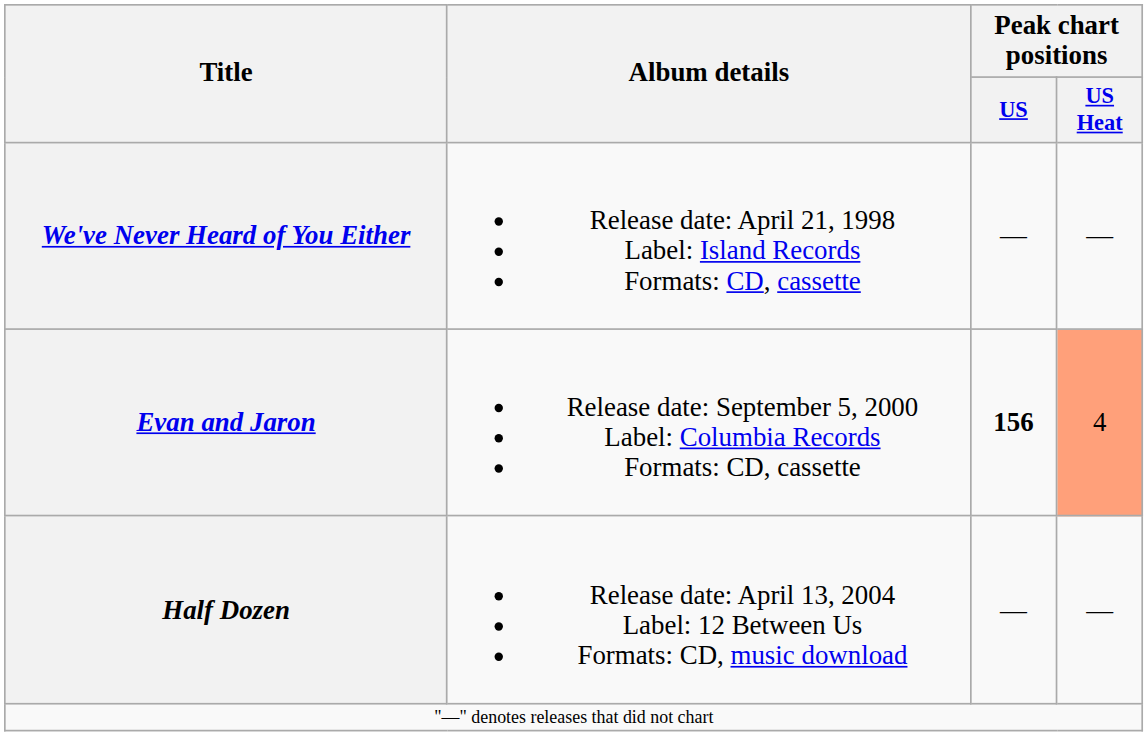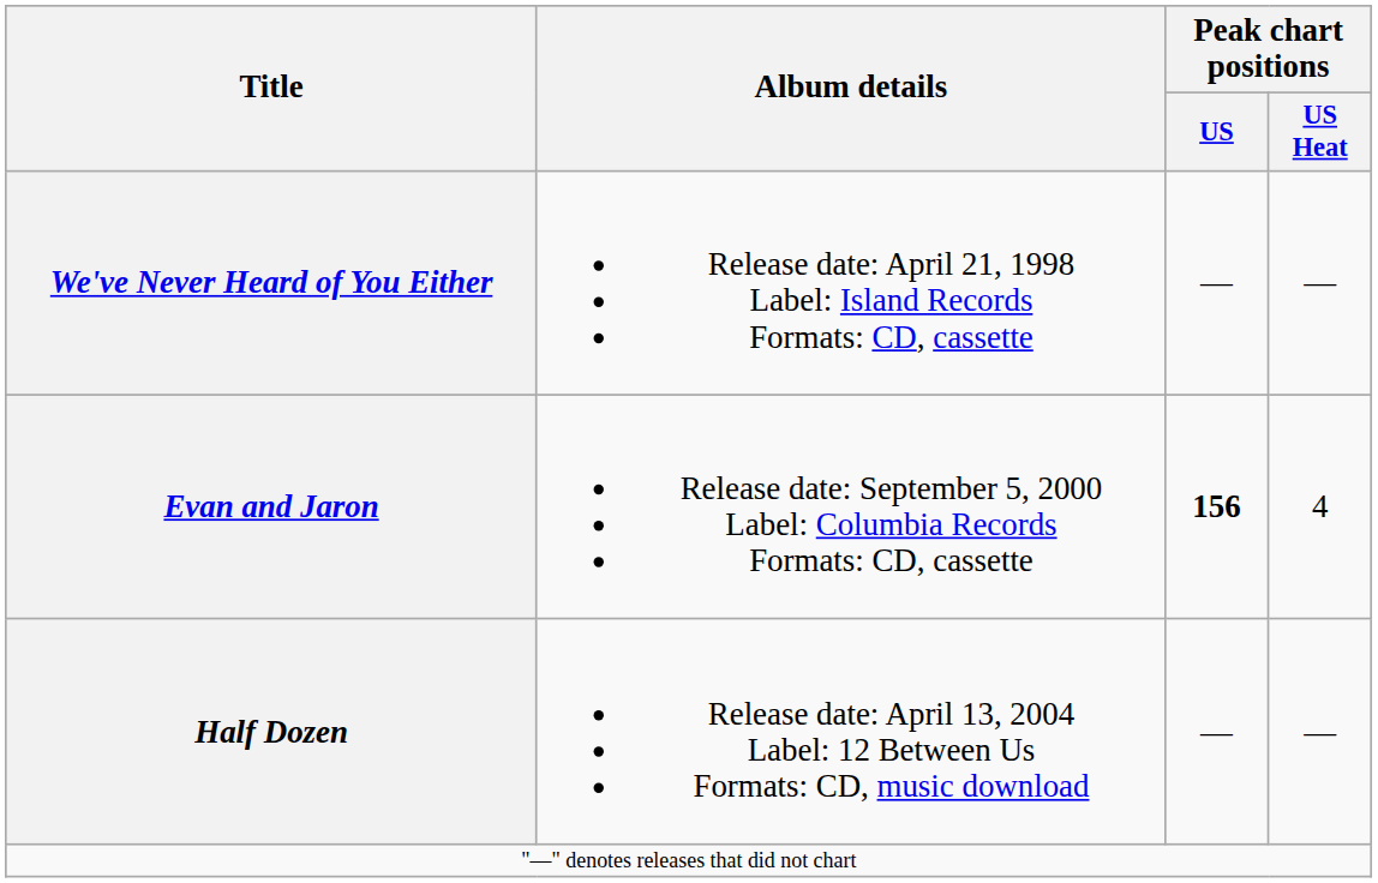 <table class="wikitable plainrowheaders" style="text-align:center;">
 <tr>
 <th rowspan="2" style="width:16em;">Title</th>
 <th rowspan="2" style="width:19em;">Album details</th>
 <th colspan="2">Peak chart<br>positions</th>
 </tr>
 <tr style="font-size:smaller;">
 <th width="45"><a href='#'>US</a><br></th>
 <th width="45"><a href='#'>US<br>Heat</a><br></th>
 </tr>
 <tr>
 <th scope="row"><em><a href='#'>We've Never Heard of You Either</a></em></th>
 <td><br><ul><li>Release date: April 21, 1998</li><li>Label: <a href='#'>Island Records</a></li><li>Formats: <a href='#'>CD</a>, <a href='#'>cassette</a></li></ul></td>
 <td>—</td>
 <td>—</td>
 </tr>
 <tr>
 <th scope="row"><em><a href='#'>Evan and Jaron</a></em></th>
 <td><br><ul><li>Release date: September 5, 2000</li><li>Label: <a href='#'>Columbia Records</a></li><li>Formats: CD, cassette</li></ul></td>
 <td><strong>156</strong></td>
-<td style="background: lightsalmon;">4</td>
+<td>4</td>
 </tr>
 <tr>
 <th scope="row"><em>Half Dozen</em></th>
 <td><br><ul><li>Release date: April 13, 2004</li><li>Label: 12 Between Us</li><li>Formats: CD, <a href='#'>music download</a></li></ul></td>
 <td>—</td>
 <td>—</td>
 </tr>
 <tr>
 <td colspan="10" style="font-size:8pt">"—" denotes releases that did not chart</td>
 </tr>
 </table>
